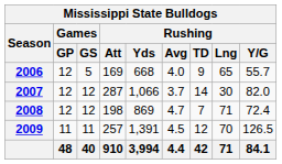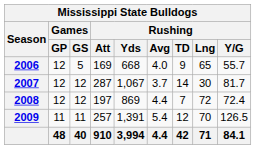 <table class="wikitable" style="text-align:center;">
 <tr>
 <th colspan="13">Mississippi State Bulldogs</th>
 </tr>
 <tr>
 <th rowspan="2">Season</th>
 <th colspan="2">Games</th>
 <th colspan="6">Rushing</th>
 </tr>
 <tr>
 <th>GP</th>
 <th>GS</th>
 <th>Att</th>
 <th>Yds</th>
 <th>Avg</th>
 <th>TD</th>
 <th>Lng</th>
 <th>Y/G</th>
 </tr>
 <tr>
 <th><a href='#'>2006</a></th>
 <td>12</td>
 <td>5</td>
 <td>169</td>
 <td>668</td>
 <td>4.0</td>
 <td>9</td>
 <td>65</td>
 <td>55.7</td>
 </tr>
 <tr>
 <th><a href='#'>2007</a></th>
 <td>12</td>
 <td>12</td>
 <td>287</td>
-<td>1,066</td>
+<td>1,067</td>
 <td>3.7</td>
 <td>14</td>
 <td>30</td>
-<td>82.0</td>
+<td>81.7</td>
 </tr>
 <tr>
 <th><a href='#'>2008</a></th>
 <td>12</td>
 <td>12</td>
-<td>198</td>
+<td>197</td>
 <td>869</td>
-<td>4.7</td>
+<td>4.4</td>
 <td>7</td>
-<td>71</td>
+<td>72</td>
 <td>72.4</td>
 </tr>
 <tr>
 <th><a href='#'>2009</a></th>
 <td>11</td>
 <td>11</td>
 <td>257</td>
 <td>1,391</td>
-<td>4.5</td>
+<td>5.4</td>
 <td>12</td>
 <td>70</td>
 <td>126.5</td>
 </tr>
 <tr>
 <th></th>
 <th>48</th>
 <th>40</th>
 <th>910</th>
 <th>3,994</th>
 <th>4.4</th>
 <th>42</th>
 <th>71</th>
 <th>84.1</th>
 </tr>
 </table>
